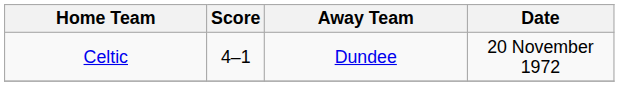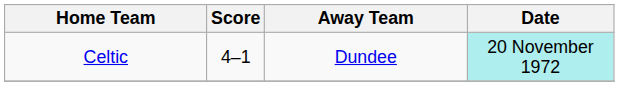 <table class="wikitable" style="text-align:center;">
 <tr>
 <th width=175>Home Team</th>
 <th width=20>Score</th>
 <th width=175>Away Team</th>
 <th width= 125>Date</th>
 </tr>
 <tr>
 <td><a href='#'>Celtic</a></td>
 <td>4–1</td>
 <td><a href='#'>Dundee</a></td>
-<td>20 November 1972</td>
+<td style="background: paleturquoise;">20 November 1972</td>
 </tr>
 <tr>
 </tr>
 </table>
